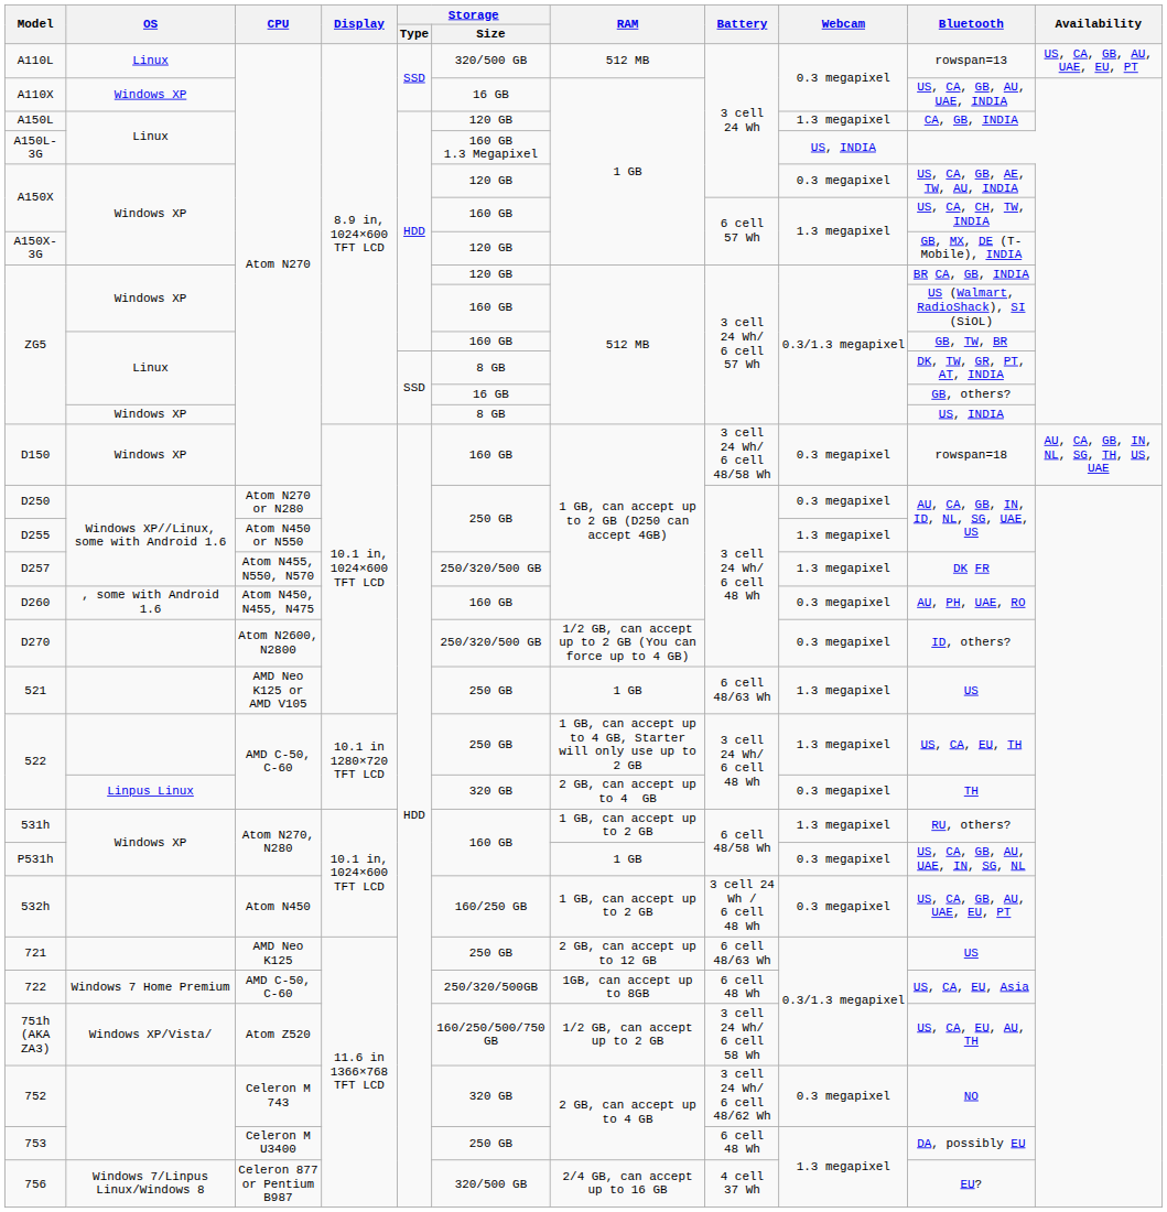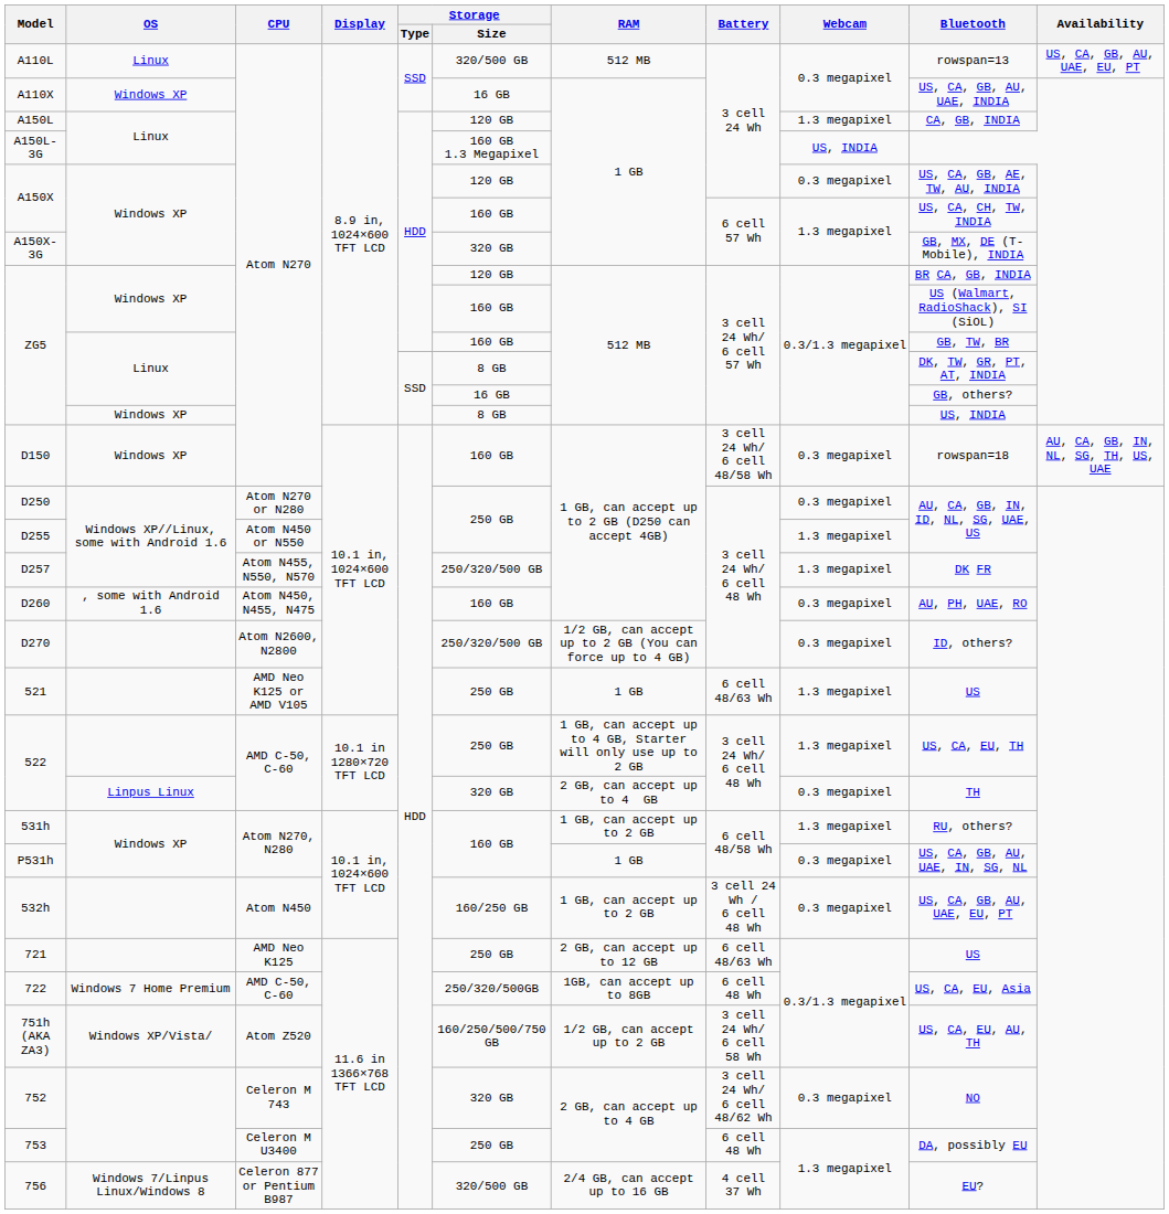 <table class="wikitable" style="text-align:center; width:auto;">
 <tr>
 <th rowspan=2>Model</th>
 <th rowspan=2><a href='#'>OS</a></th>
 <th rowspan=2><a href='#'>CPU</a></th>
 <th rowspan=2><a href='#'>Display</a></th>
 <th colspan=2><a href='#'>Storage</a></th>
 <th rowspan=2><a href='#'>RAM</a></th>
 <th rowspan=2><a href='#'>Battery</a></th>
 <th rowspan=2><a href='#'>Webcam</a></th>
 <th rowspan=2><a href='#'>Bluetooth</a></th>
 <th rowspan=2>Availability</th>
 </tr>
 <tr>
 <th>Type</th>
 <th>Size</th>
 </tr>
 <tr>
 <td>A110L</td>
 <td><a href='#'>Linux</a></td>
 <td rowspan="14">Atom N270</td>
 <td rowspan=13>8.9 in,<br>1024×600 TFT LCD</td>
 <td rowspan=2><a href='#'>SSD</a></td>
 <td>320/500 GB</td>
 <td>512 MB</td>
 <td rowspan=5>3 cell 24 Wh</td>
 <td rowspan=2>0.3 megapixel</td>
 <td>rowspan=13 </td>
 <td><a href='#'>US</a>, <a href='#'>CA</a>, <a href='#'>GB</a>, <a href='#'>AU</a>, <a href='#'>UAE</a>, <a href='#'>EU</a>, <a href='#'>PT</a></td>
 </tr>
 <tr>
 <td>A110X</td>
 <td><a href='#'>Windows XP</a></td>
 <td>16 GB</td>
 <td rowspan=6>1 GB</td>
 <td><a href='#'>US</a>, <a href='#'>CA</a>, <a href='#'>GB</a>, <a href='#'>AU</a>, <a href='#'>UAE</a>, <a href='#'>INDIA</a></td>
 </tr>
 <tr>
 <td>A150L</td>
 <td rowspan=2>Linux</td>
 <td rowspan=8><a href='#'>HDD</a></td>
 <td>120 GB</td>
 <td>1.3 megapixel</td>
 <td><a href='#'>CA</a>, <a href='#'>GB</a>, <a href='#'>INDIA</a></td>
 </tr>
 <tr>
 <td>A150L-3G</td>
 <td>160 GB<br>1.3 Megapixel</td>
 <td><a href='#'>US</a>, <a href='#'>INDIA</a></td>
 </tr>
 <tr>
 <td rowspan=2>A150X</td>
 <td rowspan=3>Windows XP</td>
 <td>120 GB</td>
 <td>0.3 megapixel</td>
 <td><a href='#'>US</a>, <a href='#'>CA</a>, <a href='#'>GB</a>, <a href='#'>AE</a>, <a href='#'>TW</a>, <a href='#'>AU</a>, <a href='#'>INDIA</a></td>
 </tr>
 <tr>
 <td>160 GB</td>
 <td rowspan=2>6 cell 57 Wh</td>
 <td rowspan=2>1.3 megapixel</td>
 <td><a href='#'>US</a>, <a href='#'>CA</a>, <a href='#'>CH</a>, <a href='#'>TW</a>, <a href='#'>INDIA</a></td>
 </tr>
 <tr>
 <td>A150X-3G</td>
-<td>120 GB</td>
+<td>320 GB</td>
 <td><a href='#'>GB</a>, <a href='#'>MX</a>, <a href='#'>DE</a> (T-Mobile), <a href='#'>INDIA</a></td>
 </tr>
 <tr>
 <td rowspan=6>ZG5</td>
 <td rowspan=2>Windows XP</td>
 <td>120 GB</td>
 <td rowspan=6>512 MB</td>
 <td rowspan=6>3 cell 24 Wh/<br> 6 cell 57 Wh</td>
 <td rowspan=6>0.3/1.3 megapixel</td>
 <td><a href='#'>BR</a> <a href='#'>CA</a>, <a href='#'>GB</a>, <a href='#'>INDIA</a></td>
 </tr>
 <tr>
 <td>160 GB</td>
 <td><a href='#'>US</a> (<a href='#'>Walmart</a>, <a href='#'>RadioShack</a>), <a href='#'>SI</a> (SiOL)</td>
 </tr>
 <tr>
 <td rowspan=3>Linux</td>
 <td>160 GB</td>
 <td><a href='#'>GB</a>, <a href='#'>TW</a>, <a href='#'>BR</a></td>
 </tr>
 <tr>
 <td rowspan=3>SSD</td>
 <td>8 GB</td>
 <td><a href='#'>DK</a>, <a href='#'>TW</a>, <a href='#'>GR</a>, <a href='#'>PT</a>, <a href='#'>AT</a>, <a href='#'>INDIA</a></td>
 </tr>
 <tr>
 <td>16 GB</td>
 <td><a href='#'>GB</a>, others?</td>
 </tr>
 <tr>
 <td>Windows XP</td>
 <td>8 GB</td>
 <td><a href='#'>US</a>, <a href='#'>INDIA</a></td>
 </tr>
 <tr>
 <td>D150</td>
 <td>Windows XP</td>
 <td rowspan=7>10.1 in,<br>1024×600 TFT LCD</td>
 <td rowspan="18">HDD</td>
 <td>160 GB</td>
 <td rowspan="5">1 GB, can accept up to 2 GB (D250 can accept 4GB)</td>
 <td>3 cell 24 Wh/<br> 6 cell 48/58 Wh</td>
 <td>0.3 megapixel</td>
 <td>rowspan=18</td>
 <td><a href='#'>AU</a>, <a href='#'>CA</a>, <a href='#'>GB</a>, <a href='#'>IN</a>, <a href='#'>NL</a>, <a href='#'>SG</a>, <a href='#'>TH</a>, <a href='#'>US</a>, <a href='#'>UAE</a></td>
 </tr>
 <tr>
 <td>D250</td>
 <td rowspan=3>Windows XP//Linux, some with Android 1.6</td>
 <td>Atom N270 or N280</td>
 <td rowspan=2>250 GB</td>
 <td rowspan=5>3 cell 24 Wh/<br> 6 cell 48 Wh</td>
 <td>0.3 megapixel</td>
 <td rowspan=2><a href='#'>AU</a>, <a href='#'>CA</a>, <a href='#'>GB</a>, <a href='#'>IN</a>, <a href='#'>ID</a>, <a href='#'>NL</a>, <a href='#'>SG</a>, <a href='#'>UAE</a>, <a href='#'>US</a></td>
 </tr>
 <tr>
 <td>D255</td>
 <td>Atom N450 or N550</td>
 <td>1.3 megapixel</td>
 </tr>
 <tr>
 <td>D257</td>
 <td>Atom N455, N550, N570</td>
 <td>250/320/500 GB</td>
 <td>1.3 megapixel</td>
 <td><a href='#'>DK</a> <a href='#'>FR</a></td>
 </tr>
 <tr>
 <td>D260</td>
 <td>, some with Android 1.6</td>
 <td>Atom N450, N455, N475</td>
 <td>160 GB</td>
 <td>0.3 megapixel</td>
 <td><a href='#'>AU</a>, <a href='#'>PH</a>, <a href='#'>UAE</a>, <a href='#'>RO</a></td>
 </tr>
 <tr>
 <td>D270</td>
 <td></td>
 <td>Atom N2600, N2800</td>
 <td>250/320/500 GB</td>
 <td>1/2 GB, can accept up to 2 GB (You can force up to 4 GB)<br></td>
 <td>0.3 megapixel</td>
 <td><a href='#'>ID</a>, others?</td>
 </tr>
 <tr>
 <td>521</td>
 <td></td>
 <td>AMD Neo K125 or<br> AMD V105</td>
 <td>250 GB</td>
 <td>1 GB</td>
 <td>6 cell 48/63 Wh</td>
 <td>1.3 megapixel</td>
 <td><a href='#'>US</a></td>
 </tr>
 <tr>
 <td rowspan=2>522</td>
 <td></td>
 <td rowspan=2>AMD C-50, C-60</td>
 <td rowspan=2>10.1 in<br>1280×720 TFT LCD</td>
 <td>250 GB</td>
 <td>1 GB, can accept up to 4 GB,  Starter will only use up to 2 GB</td>
 <td rowspan=2>3 cell 24 Wh/<br> 6 cell 48 Wh</td>
 <td>1.3 megapixel</td>
 <td><a href='#'>US</a>, <a href='#'>CA</a>, <a href='#'>EU</a>, <a href='#'>TH</a></td>
 </tr>
 <tr>
 <td><a href='#'>Linpus Linux</a></td>
 <td>320 GB</td>
 <td>2 GB, can accept up to 4  GB</td>
 <td>0.3 megapixel</td>
 <td><a href='#'>TH</a></td>
 </tr>
 <tr>
 <td>531h</td>
 <td rowspan=2>Windows XP</td>
 <td rowspan=2>Atom N270, N280</td>
 <td rowspan=3>10.1 in,<br>1024×600 TFT LCD</td>
 <td rowspan=2>160 GB</td>
 <td>1 GB, can accept up to 2 GB</td>
 <td rowspan=2>6 cell 48/58 Wh</td>
 <td>1.3 megapixel</td>
 <td><a href='#'>RU</a>, others?</td>
 </tr>
 <tr>
 <td>P531h</td>
 <td>1 GB</td>
 <td>0.3 megapixel</td>
 <td><a href='#'>US</a>, <a href='#'>CA</a>, <a href='#'>GB</a>, <a href='#'>AU</a>, <a href='#'>UAE</a>, <a href='#'>IN</a>, <a href='#'>SG</a>, <a href='#'>NL</a></td>
 </tr>
 <tr>
 <td>532h</td>
 <td></td>
 <td>Atom N450</td>
 <td>160/250 GB</td>
 <td>1 GB, can accept up to 2 GB</td>
 <td>3 cell 24 Wh /<br> 6 cell 48 Wh</td>
 <td>0.3 megapixel</td>
 <td><a href='#'>US</a>, <a href='#'>CA</a>, <a href='#'>GB</a>, <a href='#'>AU</a>, <a href='#'>UAE</a>, <a href='#'>EU</a>, <a href='#'>PT</a></td>
 </tr>
 <tr>
 <td>721</td>
 <td></td>
 <td>AMD Neo K125</td>
 <td rowspan="6">11.6 in<br>1366×768 TFT LCD</td>
 <td>250 GB</td>
 <td>2 GB, can accept up to 12 GB</td>
 <td>6 cell 48/63 Wh</td>
 <td rowspan="3">0.3/1.3 megapixel</td>
 <td><a href='#'>US</a></td>
 </tr>
 <tr>
 <td>722</td>
 <td>Windows 7 Home Premium</td>
 <td>AMD C-50, C-60</td>
 <td>250/320/500GB</td>
 <td>1GB, can accept up to 8GB</td>
 <td>6 cell<br>48 Wh</td>
 <td><a href='#'>US</a>, <a href='#'>CA</a>, <a href='#'>EU</a>, <a href='#'>Asia</a></td>
 </tr>
 <tr>
 <td>751h (AKA ZA3)</td>
 <td>Windows XP/Vista/</td>
 <td>Atom Z520</td>
 <td>160/250/500/750 GB</td>
 <td>1/2 GB, can accept up to 2 GB</td>
 <td>3 cell 24 Wh/<br> 6 cell 58 Wh</td>
 <td><a href='#'>US</a>, <a href='#'>CA</a>, <a href='#'>EU</a>, <a href='#'>AU</a>, <a href='#'>TH</a></td>
 </tr>
 <tr>
 <td>752</td>
 <td rowspan=2></td>
 <td>Celeron M 743</td>
 <td>320 GB</td>
 <td rowspan=2>2 GB, can accept up to 4 GB</td>
 <td>3 cell 24 Wh/<br> 6 cell 48/62 Wh</td>
 <td>0.3 megapixel</td>
 <td><a href='#'>NO</a></td>
 </tr>
 <tr>
 <td>753</td>
 <td>Celeron M U3400</td>
 <td>250 GB</td>
 <td>6 cell 48 Wh</td>
 <td rowspan=2>1.3 megapixel</td>
 <td><a href='#'>DA</a>, possibly <a href='#'>EU</a></td>
 </tr>
 <tr>
 <td>756</td>
 <td>Windows 7/Linpus Linux/Windows 8</td>
 <td>Celeron 877 or Pentium B987</td>
 <td>320/500 GB</td>
 <td>2/4 GB, can accept up to 16 GB</td>
 <td>4 cell 37 Wh</td>
 <td><a href='#'>EU</a>?</td>
 </tr>
 </table>
